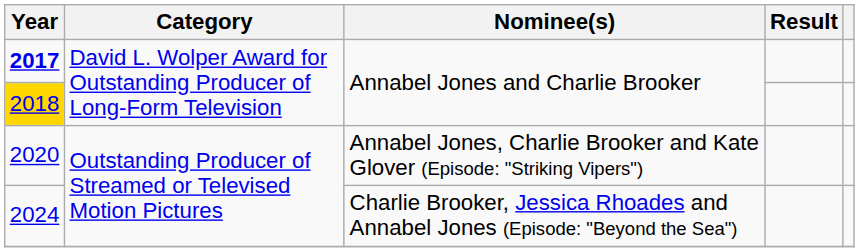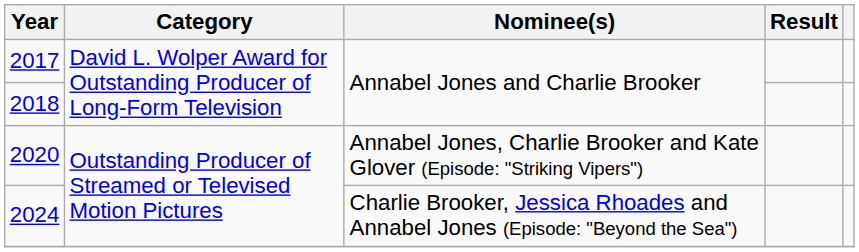 <table class="wikitable sortable" style="width:98%; summary:Black Mirror won two of four awards.">
 <tr>
 <th scope="col" style="width:3%;">Year</th>
 <th scope="col" style="width:33%;">Category</th>
 <th>Nominee(s)</th>
 <th scope="col" style="width:6%;">Result</th>
 <th scope="col" class="unsortable" style="width:1%;"></th>
 </tr>
 <tr>
-<td style="text-align: center;"><strong><a href='#'>2017</a></strong></td>
+<td style="text-align: center;"><a href='#'>2017</a></td>
 <td rowspan=2><a href='#'>David L. Wolper Award for Outstanding Producer of Long-Form Television</a></td>
 <td rowspan=2>Annabel Jones and Charlie Brooker</td>
 <td></td>
 <td align="center"></td>
 </tr>
 <tr>
-<td style="background: gold; text-align: center;"><a href='#'>2018</a></td>
+<td style="text-align: center;"><a href='#'>2018</a></td>
 <td></td>
 <td align="center"></td>
 </tr>
 <tr>
 <td style="text-align: center;"><a href='#'>2020</a></td>
 <td rowspan="2"><a href='#'>Outstanding Producer of Streamed or Televised Motion Pictures</a></td>
 <td>Annabel Jones, Charlie Brooker and Kate Glover <small>(Episode: "Striking Vipers")</small></td>
 <td></td>
 <td align="center"></td>
 </tr>
 <tr>
 <td align="center"><a href='#'>2024</a></td>
 <td>Charlie Brooker, <a href='#'>Jessica Rhoades</a> and Annabel Jones <small>(Episode: "Beyond the Sea")</small></td>
 <td></td>
 <td align="center"></td>
 </tr>
 <tr>
 </tr>
 </table>
